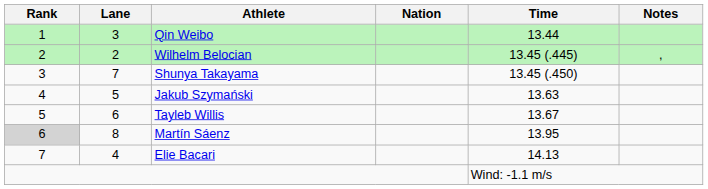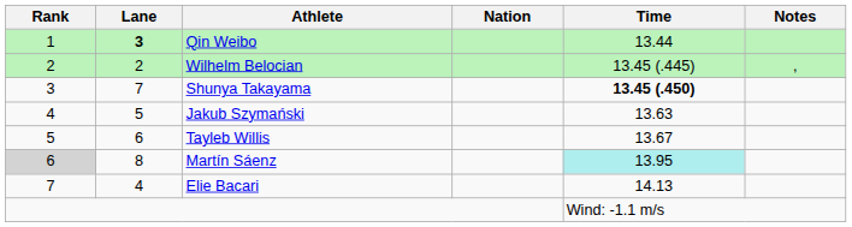 <table class="wikitable sortable" style="text-align:center;width: 70%;">
 <tr>
 <th>Rank</th>
 <th>Lane</th>
 <th>Athlete</th>
 <th>Nation</th>
 <th>Time</th>
 <th>Notes</th>
 </tr>
 <tr bgcolor=bbf3bb>
 <td>1</td>
-<td>3</td>
+<td><strong>3</strong></td>
 <td align=left><a href='#'>Qin Weibo</a></td>
 <td align=left></td>
 <td>13.44</td>
 <td></td>
 </tr>
 <tr bgcolor=bbf3bb>
 <td>2</td>
 <td>2</td>
 <td align=left><a href='#'>Wilhelm Belocian</a></td>
 <td align=left></td>
 <td>13.45 (.445)</td>
 <td>, </td>
 </tr>
 <tr>
 <td>3</td>
 <td>7</td>
 <td align=left><a href='#'>Shunya Takayama</a></td>
 <td align=left></td>
-<td>13.45 (.450)</td>
+<td><strong>13.45 (.450)</strong></td>
 <td></td>
 </tr>
 <tr>
 <td>4</td>
 <td>5</td>
 <td align=left><a href='#'>Jakub Szymański</a></td>
 <td align=left></td>
 <td>13.63</td>
 <td></td>
 </tr>
 <tr>
 <td>5</td>
 <td>6</td>
 <td align=left><a href='#'>Tayleb Willis</a></td>
 <td align=left></td>
 <td>13.67</td>
 <td></td>
 </tr>
 <tr>
 <td style="background: lightgrey;">6</td>
 <td>8</td>
 <td align=left><a href='#'>Martín Sáenz</a></td>
 <td align=left></td>
-<td>13.95</td>
+<td style="background: paleturquoise;">13.95</td>
 <td></td>
 </tr>
 <tr>
 <td>7</td>
 <td>4</td>
 <td align=left><a href='#'>Elie Bacari</a></td>
 <td align=left></td>
 <td>14.13</td>
 <td></td>
 </tr>
 <tr class="sortbottom">
 <td colspan="4"></td>
 <td colspan="2" style="text-align:left;">Wind: -1.1 m/s</td>
 </tr>
 </table>
